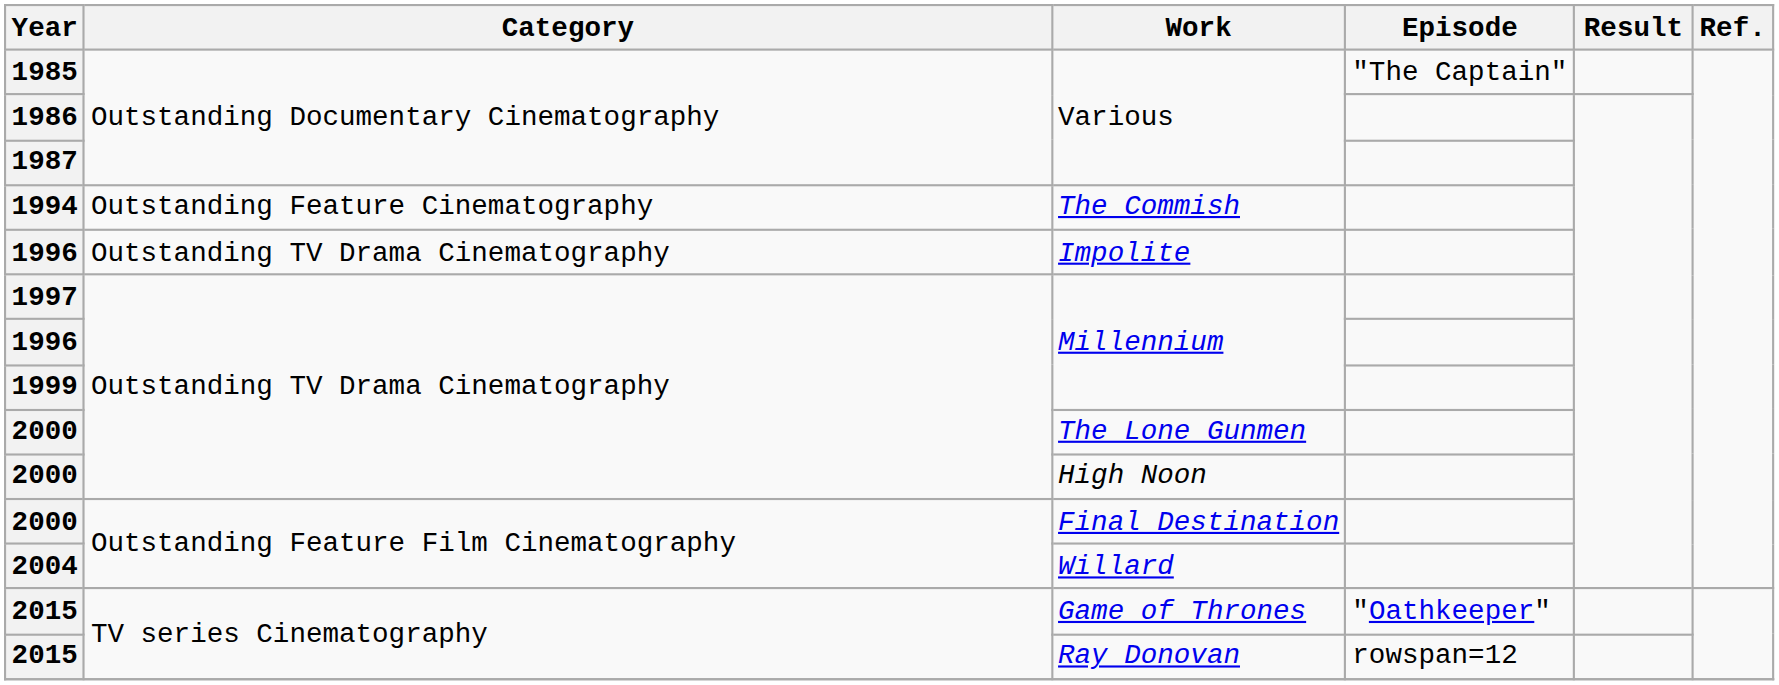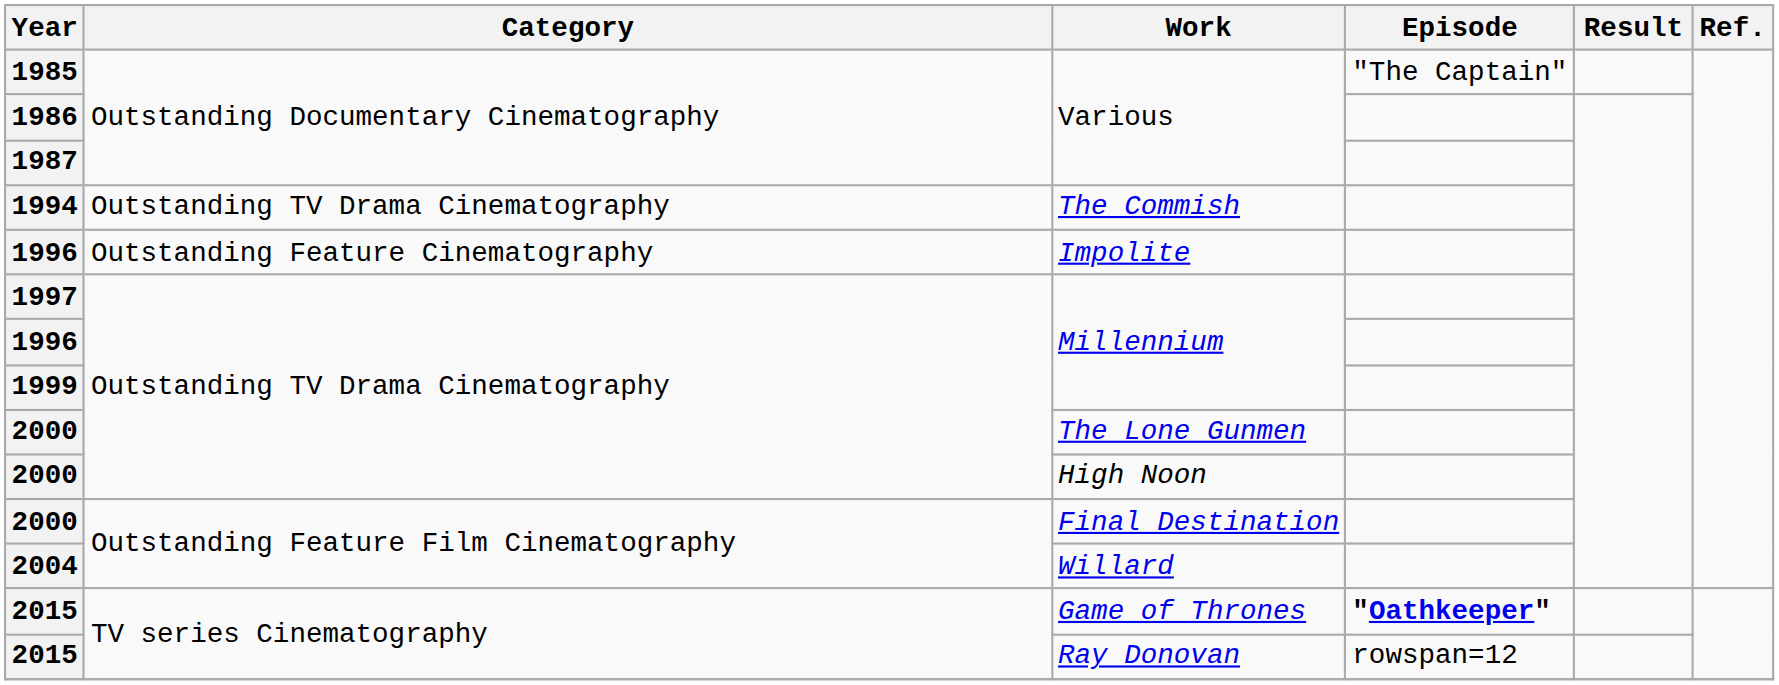 <table class="wikitable">
 <tr>
 <th scope="col";>Year</th>
 <th scope="col"; width=450>Category</th>
 <th scope="col";>Work</th>
 <th>Episode</th>
 <th scope="col"; width=50>Result</th>
 <th>Ref.</th>
 </tr>
 <tr>
 <th scope="row">1985</th>
 <td rowspan=3>Outstanding Documentary Cinematography</td>
 <td rowspan=3>Various</td>
 <td>"The Captain"</td>
 <td></td>
 <td rowspan=12></td>
 </tr>
 <tr>
 <th scope="row">1986</th>
 <td></td>
 </tr>
 <tr>
 <th scope="row">1987</th>
 <td></td>
 </tr>
 <tr>
 <th scope="row">1994</th>
-<td>Outstanding Feature Cinematography</td>
+<td>Outstanding TV Drama Cinematography</td>
 <td><em><a href='#'>The Commish</a></em></td>
 <td></td>
 </tr>
 <tr>
 <th scope="row">1996</th>
-<td>Outstanding TV Drama Cinematography</td>
+<td>Outstanding Feature Cinematography</td>
 <td><em><a href='#'>Impolite</a></em></td>
 <td></td>
 </tr>
 <tr>
 <th scope="row">1997</th>
 <td rowspan=5>Outstanding TV Drama Cinematography</td>
 <td rowspan=3><em><a href='#'>Millennium</a></em></td>
 <td></td>
 </tr>
 <tr>
 <th scope="row">1996</th>
 <td></td>
 </tr>
 <tr>
 <th scope="row">1999</th>
 <td></td>
 </tr>
 <tr>
 <th scope="row">2000</th>
 <td><em><a href='#'>The Lone Gunmen</a></em></td>
 <td></td>
 </tr>
 <tr>
 <th scope="row">2000</th>
 <td><em>High Noon</em></td>
 <td></td>
 </tr>
 <tr>
 <th scope="row">2000</th>
 <td rowspan=2>Outstanding Feature Film Cinematography</td>
 <td><em><a href='#'>Final Destination</a></em></td>
 <td></td>
 </tr>
 <tr>
 <th scope="row">2004</th>
 <td><em><a href='#'>Willard</a></em></td>
 <td></td>
 </tr>
 <tr>
 <th scope="row">2015</th>
 <td rowspan=2>TV series Cinematography</td>
 <td><em><a href='#'>Game of Thrones</a></em></td>
-<td>"<a href='#'>Oathkeeper</a>"</td>
+<td><strong>"<a href='#'>Oathkeeper</a>"</strong></td>
 <td></td>
 <td rowspan=2></td>
 </tr>
 <tr>
 <th scope="row">2015</th>
 <td><em><a href='#'>Ray Donovan</a></em></td>
 <td>rowspan=12 </td>
 <td></td>
 </tr>
 <tr>
 </tr>
 </table>
